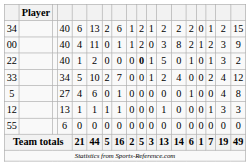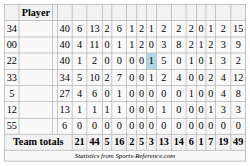 <table class="wikitable sortable" style="text-align:center; font-size:100%">
 <tr>
 <th></th>
 <th>Player</th>
 <th></th>
 <th></th>
 <th></th>
 <th></th>
 <th></th>
 <th></th>
 <th></th>
 <th></th>
 <th></th>
 <th></th>
 <th></th>
 <th></th>
 <th></th>
 <th></th>
 <th></th>
 <th></th>
 </tr>
 <tr>
 <td>34</td>
 <td></td>
 <td></td>
 <td>40</td>
 <td>6</td>
 <td>13</td>
 <td>2</td>
 <td>6</td>
 <td>1</td>
 <td>2</td>
 <td>1</td>
 <td>2</td>
 <td>2</td>
 <td>2</td>
 <td>0</td>
 <td>1</td>
 <td>2</td>
 <td>15</td>
 </tr>
 <tr>
 <td>00</td>
 <td></td>
 <td></td>
 <td>40</td>
 <td>4</td>
 <td>11</td>
 <td>0</td>
 <td>1</td>
 <td>1</td>
 <td>2</td>
 <td>0</td>
 <td>3</td>
 <td>8</td>
 <td>2</td>
 <td>1</td>
 <td>2</td>
 <td>3</td>
 <td>9</td>
 </tr>
 <tr>
 <td>22</td>
 <td></td>
 <td></td>
 <td>40</td>
 <td>1</td>
 <td>2</td>
 <td>0</td>
 <td>0</td>
 <td>0</td>
-<td><strong>0</strong></td>
-<td>1</td>
+<td>0</td>
+<td style="background: lightblue;">1</td>
 <td>5</td>
 <td>0</td>
 <td>1</td>
 <td>0</td>
 <td>1</td>
 <td>3</td>
 <td>2</td>
 </tr>
 <tr>
 <td>33</td>
 <td></td>
 <td></td>
 <td>34</td>
 <td>5</td>
 <td>10</td>
 <td>2</td>
 <td>7</td>
 <td>0</td>
 <td>0</td>
 <td>1</td>
 <td>2</td>
 <td>4</td>
 <td>0</td>
 <td>0</td>
 <td>2</td>
 <td>4</td>
 <td>12</td>
 </tr>
 <tr>
 <td>5</td>
 <td></td>
 <td></td>
 <td>27</td>
 <td>4</td>
 <td>6</td>
 <td>0</td>
 <td>1</td>
 <td>0</td>
 <td>0</td>
 <td>0</td>
 <td>0</td>
 <td>0</td>
 <td>1</td>
 <td>0</td>
 <td>0</td>
 <td>4</td>
 <td>8</td>
 </tr>
 <tr>
 <td>12</td>
 <td></td>
 <td></td>
 <td>13</td>
 <td>1</td>
 <td>1</td>
 <td>1</td>
 <td>1</td>
 <td>0</td>
 <td>0</td>
 <td>0</td>
 <td>1</td>
 <td>0</td>
 <td>0</td>
 <td>0</td>
 <td>1</td>
 <td>3</td>
 <td>3</td>
 </tr>
 <tr>
 <td>55</td>
 <td></td>
 <td></td>
 <td>6</td>
 <td>0</td>
 <td>0</td>
 <td>0</td>
 <td>0</td>
 <td>0</td>
 <td>0</td>
 <td>0</td>
 <td>0</td>
 <td>0</td>
 <td>0</td>
 <td>0</td>
 <td>0</td>
 <td>0</td>
 <td>0</td>
 </tr>
 <tr class="sortbottom">
 <th style="text-align:center;" colspan="4">Team totals</th>
 <th>21</th>
 <th>44</th>
 <th>5</th>
 <th>16</th>
 <th>2</th>
 <th>5</th>
 <th>3</th>
 <th>13</th>
 <th>14</th>
 <th>6</th>
 <th>1</th>
 <th>7</th>
 <th>19</th>
 <th>49</th>
 </tr>
 <tr class="sortbottom">
 <td colspan="18" style="font-size: 8pt; text-align:center"><em>Statistics from Sports-Reference.com</em></td>
 </tr>
 </table>
